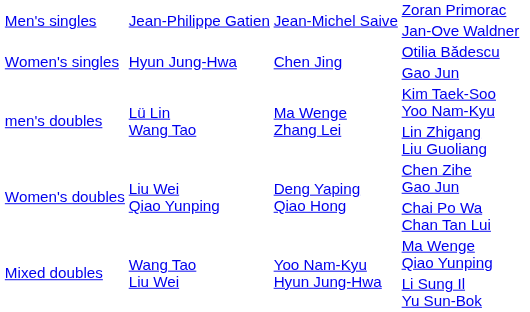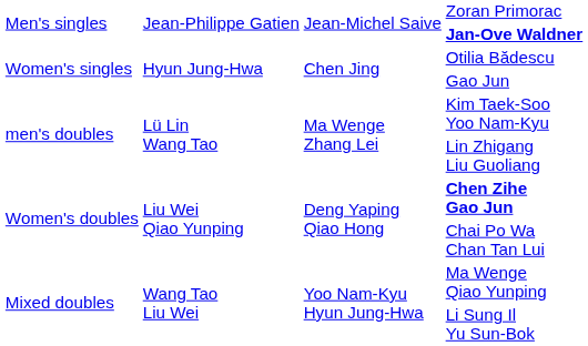 <table>
 <tr>
 <td rowspan=2><a href='#'>Men's singles</a></td>
 <td rowspan=2> <a href='#'>Jean-Philippe Gatien</a></td>
 <td rowspan=2> <a href='#'>Jean-Michel Saive</a></td>
 <td> <a href='#'>Zoran Primorac</a></td>
 </tr>
 <tr>
-<td> <a href='#'>Jan-Ove Waldner</a></td>
+<td><strong> <a href='#'>Jan-Ove Waldner</a></strong></td>
 </tr>
 <tr>
 <td rowspan=2><a href='#'>Women's singles</a></td>
 <td rowspan=2> <a href='#'>Hyun Jung-Hwa</a></td>
 <td rowspan=2> <a href='#'>Chen Jing</a></td>
 <td> <a href='#'>Otilia Bădescu</a></td>
 </tr>
 <tr>
 <td> <a href='#'>Gao Jun</a></td>
 </tr>
 <tr>
 <td rowspan=2><a href='#'>men's doubles</a></td>
 <td rowspan=2> <a href='#'>Lü Lin</a><br> <a href='#'>Wang Tao</a></td>
 <td rowspan=2> <a href='#'>Ma Wenge</a><br> <a href='#'>Zhang Lei</a></td>
 <td> <a href='#'>Kim Taek-Soo</a><br> <a href='#'>Yoo Nam-Kyu</a></td>
 </tr>
 <tr>
 <td> <a href='#'>Lin Zhigang</a><br> <a href='#'>Liu Guoliang</a></td>
 </tr>
 <tr>
 <td rowspan=2><a href='#'>Women's doubles</a></td>
 <td rowspan=2> <a href='#'>Liu Wei</a><br> <a href='#'>Qiao Yunping</a></td>
 <td rowspan=2> <a href='#'>Deng Yaping</a><br> <a href='#'>Qiao Hong</a></td>
-<td> <a href='#'>Chen Zihe</a><br> <a href='#'>Gao Jun</a></td>
+<td><strong> <a href='#'>Chen Zihe</a><br> <a href='#'>Gao Jun</a></strong></td>
 </tr>
 <tr>
 <td> <a href='#'>Chai Po Wa</a><br> <a href='#'>Chan Tan Lui</a></td>
 </tr>
 <tr>
 <td rowspan=2><a href='#'>Mixed doubles</a></td>
 <td rowspan=2> <a href='#'>Wang Tao</a><br> <a href='#'>Liu Wei</a></td>
 <td rowspan=2> <a href='#'>Yoo Nam-Kyu</a><br> <a href='#'>Hyun Jung-Hwa</a></td>
 <td> <a href='#'>Ma Wenge</a><br> <a href='#'>Qiao Yunping</a></td>
 </tr>
 <tr>
 <td> <a href='#'>Li Sung Il</a><br> <a href='#'>Yu Sun-Bok</a></td>
 </tr>
 </table>
